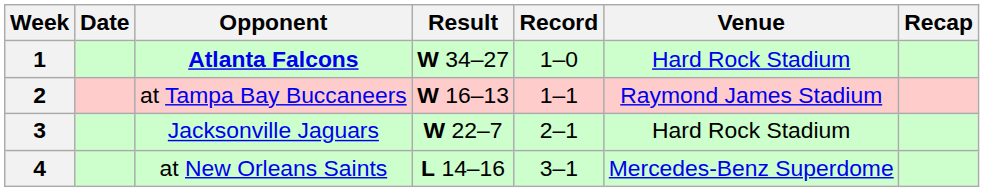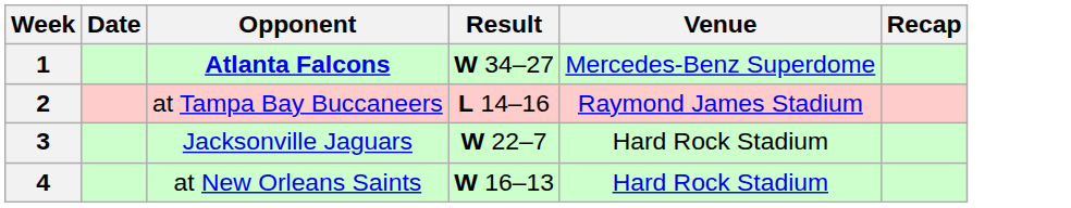 <table class="wikitable" style="text-align:center">
 <tr>
 <th>Week</th>
 <th>Date</th>
 <th>Opponent</th>
 <th>Result</th>
-<th>Record</th>
 <th>Venue</th>
 <th>Recap</th>
 </tr>
 <tr style="background:#cfc">
 <th>1</th>
 <td></td>
 <td><strong><a href='#'>Atlanta Falcons</a></strong></td>
 <td><strong>W</strong> 34–27</td>
-<td>1–0</td>
-<td><a href='#'>Hard Rock Stadium</a></td>
+<td><a href='#'>Mercedes-Benz Superdome</a></td>
 <td></td>
 </tr>
 <tr style="background:#fcc">
 <th>2</th>
 <td></td>
 <td>at <a href='#'>Tampa Bay Buccaneers</a></td>
-<td><strong>W</strong> 16–13</td>
-<td>1–1</td>
+<td><strong>L</strong> 14–16</td>
 <td><a href='#'>Raymond James Stadium</a></td>
 <td></td>
 </tr>
 <tr style="background:#cfc">
 <th>3</th>
 <td></td>
 <td><a href='#'>Jacksonville Jaguars</a></td>
 <td><strong>W</strong> 22–7</td>
-<td>2–1</td>
 <td>Hard Rock Stadium</td>
 <td></td>
 </tr>
 <tr style="background:#cfc">
 <th>4</th>
 <td></td>
 <td>at <a href='#'>New Orleans Saints</a></td>
-<td><strong>L</strong> 14–16</td>
-<td>3–1</td>
-<td><a href='#'>Mercedes-Benz Superdome</a></td>
+<td><strong>W</strong> 16–13</td>
+<td><a href='#'>Hard Rock Stadium</a></td>
 <td></td>
 </tr>
 </table>
